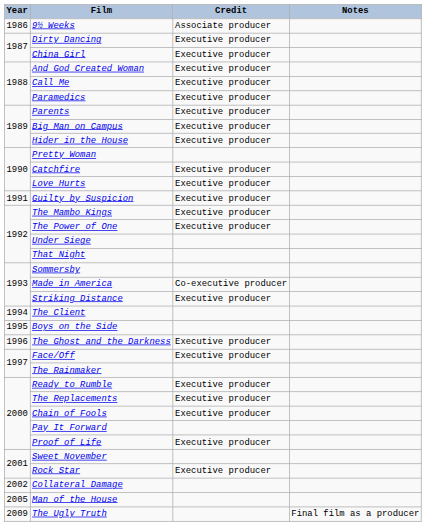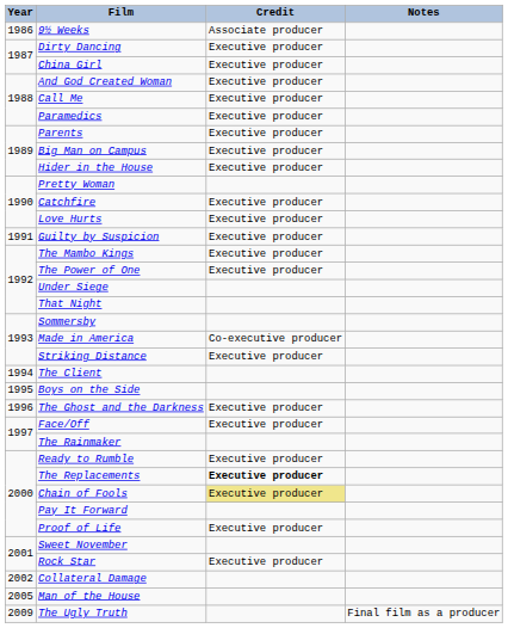 <table class="wikitable" style="font-size:95%;">
 <tr>
 <th style="background:#B0C4DE;">Year</th>
 <th style="background:#B0C4DE;">Film</th>
 <th style="background:#B0C4DE;">Credit</th>
 <th style="background:#B0C4DE;">Notes</th>
 </tr>
 <tr>
 <td>1986</td>
 <td><em><a href='#'>9½ Weeks</a></em></td>
 <td>Associate producer</td>
 <td></td>
 </tr>
 <tr>
 <td rowspan=2>1987</td>
 <td><em><a href='#'>Dirty Dancing</a></em></td>
 <td>Executive producer</td>
 <td></td>
 </tr>
 <tr>
 <td><em><a href='#'>China Girl</a></em></td>
 <td>Executive producer</td>
 <td></td>
 </tr>
 <tr>
 <td rowspan=3>1988</td>
 <td><em><a href='#'>And God Created Woman</a></em></td>
 <td>Executive producer</td>
 <td></td>
 </tr>
 <tr>
 <td><em><a href='#'>Call Me</a></em></td>
 <td>Executive producer</td>
 <td></td>
 </tr>
 <tr>
 <td><em><a href='#'>Paramedics</a></em></td>
 <td>Executive producer</td>
 <td></td>
 </tr>
 <tr>
 <td rowspan=3>1989</td>
 <td><em><a href='#'>Parents</a></em></td>
 <td>Executive producer</td>
 <td></td>
 </tr>
 <tr>
 <td><em><a href='#'>Big Man on Campus</a></em></td>
 <td>Executive producer</td>
 <td></td>
 </tr>
 <tr>
 <td><em><a href='#'>Hider in the House</a></em></td>
 <td>Executive producer</td>
 <td></td>
 </tr>
 <tr>
 <td rowspan=3>1990</td>
 <td><em><a href='#'>Pretty Woman</a></em></td>
 <td></td>
 <td></td>
 </tr>
 <tr>
 <td><em><a href='#'>Catchfire</a></em></td>
 <td>Executive producer</td>
 <td></td>
 </tr>
 <tr>
 <td><em><a href='#'>Love Hurts</a></em></td>
 <td>Executive producer</td>
 <td></td>
 </tr>
 <tr>
 <td>1991</td>
 <td><em><a href='#'>Guilty by Suspicion</a></em></td>
 <td>Executive producer</td>
 <td></td>
 </tr>
 <tr>
 <td rowspan=4>1992</td>
 <td><em><a href='#'>The Mambo Kings</a></em></td>
 <td>Executive producer</td>
 <td></td>
 </tr>
 <tr>
 <td><em><a href='#'>The Power of One</a></em></td>
 <td>Executive producer</td>
 <td></td>
 </tr>
 <tr>
 <td><em><a href='#'>Under Siege</a></em></td>
 <td></td>
 <td></td>
 </tr>
 <tr>
 <td><em><a href='#'>That Night</a></em></td>
 <td></td>
 <td></td>
 </tr>
 <tr>
 <td rowspan=3>1993</td>
 <td><em><a href='#'>Sommersby</a></em></td>
 <td></td>
 <td></td>
 </tr>
 <tr>
 <td><em><a href='#'>Made in America</a></em></td>
 <td>Co-executive producer</td>
 <td></td>
 </tr>
 <tr>
 <td><em><a href='#'>Striking Distance</a></em></td>
 <td>Executive producer</td>
 <td></td>
 </tr>
 <tr>
 <td>1994</td>
 <td><em><a href='#'>The Client</a></em></td>
 <td></td>
 <td></td>
 </tr>
 <tr>
 <td>1995</td>
 <td><em><a href='#'>Boys on the Side</a></em></td>
 <td></td>
 <td></td>
 </tr>
 <tr>
 <td>1996</td>
 <td><em><a href='#'>The Ghost and the Darkness</a></em></td>
 <td>Executive producer</td>
 <td></td>
 </tr>
 <tr>
 <td rowspan=2>1997</td>
 <td><em><a href='#'>Face/Off</a></em></td>
 <td>Executive producer</td>
 <td></td>
 </tr>
 <tr>
 <td><em><a href='#'>The Rainmaker</a></em></td>
 <td></td>
 <td></td>
 </tr>
 <tr>
 <td rowspan=5>2000</td>
 <td><em><a href='#'>Ready to Rumble</a></em></td>
 <td>Executive producer</td>
 <td></td>
 </tr>
 <tr>
 <td><em><a href='#'>The Replacements</a></em></td>
-<td>Executive producer</td>
+<td><strong>Executive producer</strong></td>
 <td></td>
 </tr>
 <tr>
 <td><em><a href='#'>Chain of Fools</a></em></td>
-<td>Executive producer</td>
+<td style="background: khaki;">Executive producer</td>
 <td></td>
 </tr>
 <tr>
 <td><em><a href='#'>Pay It Forward</a></em></td>
 <td></td>
 <td></td>
 </tr>
 <tr>
 <td><em><a href='#'>Proof of Life</a></em></td>
 <td>Executive producer</td>
 <td></td>
 </tr>
 <tr>
 <td rowspan=2>2001</td>
 <td><em><a href='#'>Sweet November</a></em></td>
 <td></td>
 <td></td>
 </tr>
 <tr>
 <td><em><a href='#'>Rock Star</a></em></td>
 <td>Executive producer</td>
 <td></td>
 </tr>
 <tr>
 <td>2002</td>
 <td><em><a href='#'>Collateral Damage</a></em></td>
 <td></td>
 <td></td>
 </tr>
 <tr>
 <td>2005</td>
 <td><em><a href='#'>Man of the House</a></em></td>
 <td></td>
 <td></td>
 </tr>
 <tr>
 <td>2009</td>
 <td><em><a href='#'>The Ugly Truth</a></em></td>
 <td></td>
 <td>Final film as a producer</td>
 </tr>
 </table>
